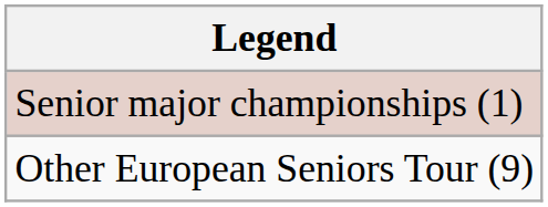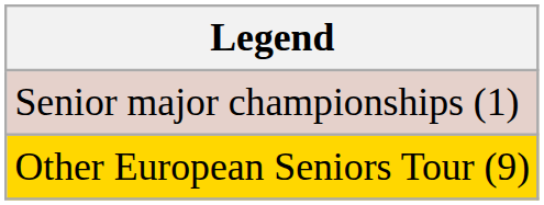 <table class="wikitable" style="font-size:95%;">
 <tr>
 <th>Legend</th>
 </tr>
 <tr style="background:#e5d1cb;">
 <td>Senior major championships (1)</td>
 </tr>
 <tr>
-<td>Other European Seniors Tour (9)</td>
+<td style="background: gold;">Other European Seniors Tour (9)</td>
 </tr>
 </table>
